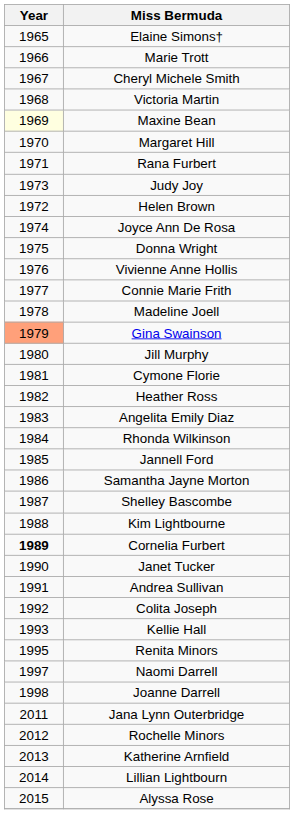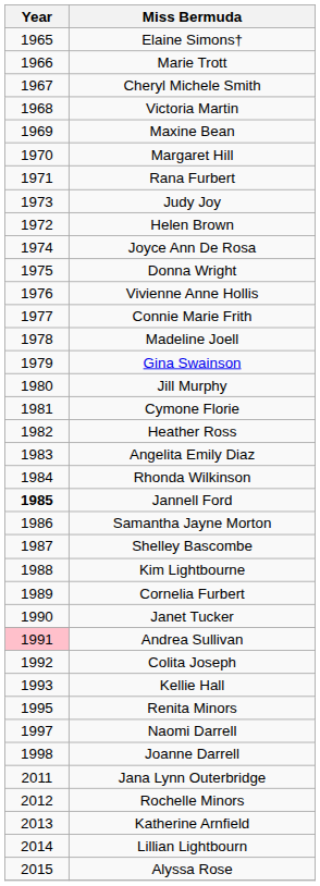 <table class="wikitable sortable" style="font-size: 95%; text-align:center">
 <tr>
 <th width="60">Year</th>
 <th width="250">Miss Bermuda</th>
 </tr>
 <tr>
 <td>1965</td>
 <td>Elaine Simons†</td>
 </tr>
 <tr>
 <td>1966</td>
 <td>Marie Trott</td>
 </tr>
 <tr>
 <td>1967</td>
 <td>Cheryl Michele Smith</td>
 </tr>
 <tr>
 <td>1968</td>
 <td>Victoria Martin</td>
 </tr>
 <tr>
-<td style="background: lightyellow;">1969</td>
+<td>1969</td>
 <td>Maxine Bean</td>
 </tr>
 <tr>
 <td>1970</td>
 <td>Margaret Hill</td>
 </tr>
 <tr>
 <td>1971</td>
 <td>Rana Furbert</td>
 </tr>
 <tr>
 <td>1973</td>
 <td>Judy Joy</td>
 </tr>
 <tr>
 <td>1972</td>
 <td>Helen Brown</td>
 </tr>
 <tr>
 <td>1974</td>
 <td>Joyce Ann De Rosa</td>
 </tr>
 <tr>
 <td>1975</td>
 <td>Donna Wright</td>
 </tr>
 <tr>
 <td>1976</td>
 <td>Vivienne Anne Hollis</td>
 </tr>
 <tr>
 <td>1977</td>
 <td>Connie Marie Frith</td>
 </tr>
 <tr>
 <td>1978</td>
 <td>Madeline Joell</td>
 </tr>
 <tr>
-<td style="background: lightsalmon;">1979</td>
+<td>1979</td>
 <td><a href='#'>Gina Swainson</a></td>
 </tr>
 <tr>
 <td>1980</td>
 <td>Jill Murphy</td>
 </tr>
 <tr>
 <td>1981</td>
 <td>Cymone Florie</td>
 </tr>
 <tr>
 <td>1982</td>
 <td>Heather Ross</td>
 </tr>
 <tr>
 <td>1983</td>
 <td>Angelita Emily Diaz</td>
 </tr>
 <tr>
 <td>1984</td>
 <td>Rhonda Wilkinson</td>
 </tr>
 <tr>
-<td>1985</td>
+<td><strong>1985</strong></td>
 <td>Jannell Ford</td>
 </tr>
 <tr>
 <td>1986</td>
 <td>Samantha Jayne Morton</td>
 </tr>
 <tr>
 <td>1987</td>
 <td>Shelley Bascombe</td>
 </tr>
 <tr>
 <td>1988</td>
 <td>Kim Lightbourne</td>
 </tr>
 <tr>
-<td><strong>1989</strong></td>
+<td>1989</td>
 <td>Cornelia Furbert</td>
 </tr>
 <tr>
 <td>1990</td>
 <td>Janet Tucker</td>
 </tr>
 <tr>
-<td>1991</td>
+<td style="background: pink;">1991</td>
 <td>Andrea Sullivan</td>
 </tr>
 <tr>
 <td>1992</td>
 <td>Colita Joseph</td>
 </tr>
 <tr>
 <td>1993</td>
 <td>Kellie Hall</td>
 </tr>
 <tr>
 <td>1995</td>
 <td>Renita Minors</td>
 </tr>
 <tr>
 <td>1997</td>
 <td>Naomi Darrell</td>
 </tr>
 <tr>
 <td>1998</td>
 <td>Joanne Darrell</td>
 </tr>
 <tr>
 <td>2011</td>
 <td>Jana Lynn Outerbridge</td>
 </tr>
 <tr>
 <td>2012</td>
 <td>Rochelle Minors</td>
 </tr>
 <tr>
 <td>2013</td>
 <td>Katherine Arnfield</td>
 </tr>
 <tr>
 <td>2014</td>
 <td>Lillian Lightbourn</td>
 </tr>
 <tr>
 <td>2015</td>
 <td>Alyssa Rose</td>
 </tr>
 <tr>
 </tr>
 </table>
